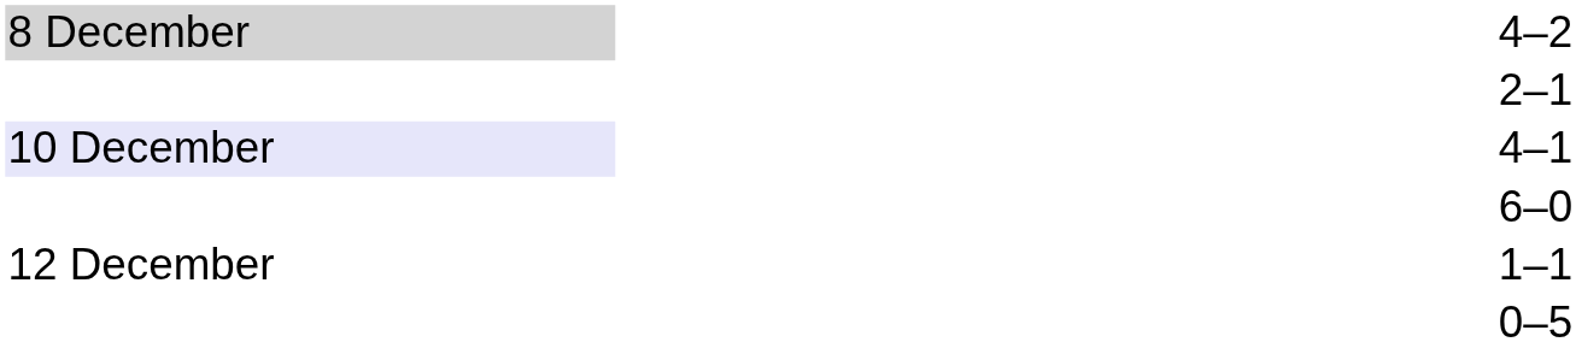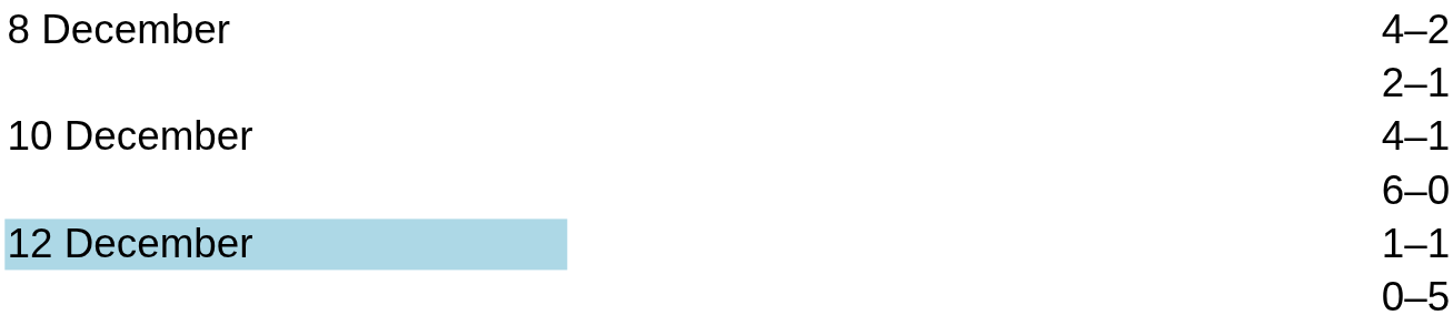 <table cellspacing=1 width=70%>
 <tr>
 <th width=25%></th>
 <th width=30%></th>
 <th width=15%></th>
 <th width=30%></th>
 </tr>
 <tr>
-<td style="background: lightgrey;">8 December</td>
+<td>8 December</td>
 <td align=right></td>
 <td align=center>4–2</td>
 <td></td>
 </tr>
 <tr>
 <td></td>
 <td align=right></td>
 <td align=center>2–1</td>
 <td></td>
 </tr>
 <tr>
-<td style="background: lavender;">10 December</td>
+<td>10 December</td>
 <td align=right></td>
 <td align=center>4–1</td>
 <td></td>
 </tr>
 <tr>
 <td></td>
 <td align=right></td>
 <td align=center>6–0</td>
 <td></td>
 </tr>
 <tr>
-<td>12 December</td>
+<td style="background: lightblue;">12 December</td>
 <td align=right></td>
 <td align=center>1–1</td>
 <td></td>
 </tr>
 <tr>
 <td></td>
 <td align=right></td>
 <td align=center>0–5</td>
 <td></td>
 </tr>
 </table>
